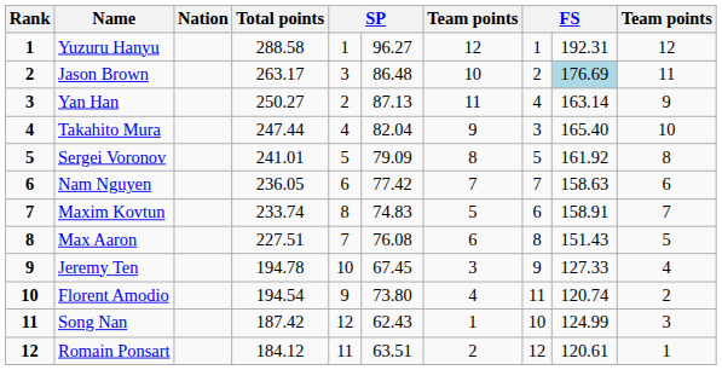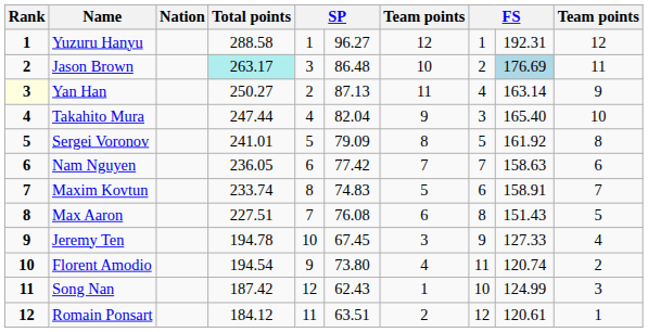 <table class="wikitable sortable">
 <tr>
 <th>Rank</th>
 <th>Name</th>
 <th>Nation</th>
 <th>Total points</th>
 <th colspan="2" width="80px"><a href='#'>SP</a></th>
 <th>Team points</th>
 <th colspan="2" width="80px"><a href='#'>FS</a></th>
 <th>Team points</th>
 </tr>
 <tr>
 <td style="text-align: center;"><strong>1</strong></td>
 <td><a href='#'>Yuzuru Hanyu</a></td>
 <td></td>
 <td style="text-align: center;">288.58</td>
 <td style="text-align: center;">1</td>
 <td style="text-align: center;">96.27</td>
 <td style="text-align: center;">12</td>
 <td style="text-align: center;">1</td>
 <td style="text-align: center;">192.31</td>
 <td style="text-align: center;">12</td>
 </tr>
 <tr>
 <td style="text-align: center;"><strong>2</strong></td>
 <td><a href='#'>Jason Brown</a></td>
 <td></td>
-<td style="text-align: center;">263.17</td>
+<td style="background: paleturquoise; text-align: center;">263.17</td>
 <td style="text-align: center;">3</td>
 <td style="text-align: center;">86.48</td>
 <td style="text-align: center;">10</td>
 <td style="text-align: center;">2</td>
 <td style="background: lightblue; text-align: center;">176.69</td>
 <td style="text-align: center;">11</td>
 </tr>
 <tr>
-<td style="text-align: center;"><strong>3</strong></td>
+<td style="background: lightyellow; text-align: center;"><strong>3</strong></td>
 <td><a href='#'>Yan Han</a></td>
 <td></td>
 <td style="text-align: center;">250.27</td>
 <td style="text-align: center;">2</td>
 <td style="text-align: center;">87.13</td>
 <td style="text-align: center;">11</td>
 <td style="text-align: center;">4</td>
 <td style="text-align: center;">163.14</td>
 <td style="text-align: center;">9</td>
 </tr>
 <tr>
 <td style="text-align: center;"><strong>4</strong></td>
 <td><a href='#'>Takahito Mura</a></td>
 <td></td>
 <td style="text-align: center;">247.44</td>
 <td style="text-align: center;">4</td>
 <td style="text-align: center;">82.04</td>
 <td style="text-align: center;">9</td>
 <td style="text-align: center;">3</td>
 <td style="text-align: center;">165.40</td>
 <td style="text-align: center;">10</td>
 </tr>
 <tr>
 <td style="text-align: center;"><strong>5</strong></td>
 <td><a href='#'>Sergei Voronov</a></td>
 <td></td>
 <td style="text-align: center;">241.01</td>
 <td style="text-align: center;">5</td>
 <td style="text-align: center;">79.09</td>
 <td style="text-align: center;">8</td>
 <td style="text-align: center;">5</td>
 <td style="text-align: center;">161.92</td>
 <td style="text-align: center;">8</td>
 </tr>
 <tr>
 <td style="text-align: center;"><strong>6</strong></td>
 <td><a href='#'>Nam Nguyen</a></td>
 <td></td>
 <td style="text-align: center;">236.05</td>
 <td style="text-align: center;">6</td>
 <td style="text-align: center;">77.42</td>
 <td style="text-align: center;">7</td>
 <td style="text-align: center;">7</td>
 <td style="text-align: center;">158.63</td>
 <td style="text-align: center;">6</td>
 </tr>
 <tr>
 <td style="text-align: center;"><strong>7</strong></td>
 <td><a href='#'>Maxim Kovtun</a></td>
 <td></td>
 <td style="text-align: center;">233.74</td>
 <td style="text-align: center;">8</td>
 <td style="text-align: center;">74.83</td>
 <td style="text-align: center;">5</td>
 <td style="text-align: center;">6</td>
 <td style="text-align: center;">158.91</td>
 <td style="text-align: center;">7</td>
 </tr>
 <tr>
 <td style="text-align: center;"><strong>8</strong></td>
 <td><a href='#'>Max Aaron</a></td>
 <td></td>
 <td style="text-align: center;">227.51</td>
 <td style="text-align: center;">7</td>
 <td style="text-align: center;">76.08</td>
 <td style="text-align: center;">6</td>
 <td style="text-align: center;">8</td>
 <td style="text-align: center;">151.43</td>
 <td style="text-align: center;">5</td>
 </tr>
 <tr>
 <td style="text-align: center;"><strong>9</strong></td>
 <td><a href='#'>Jeremy Ten</a></td>
 <td></td>
 <td style="text-align: center;">194.78</td>
 <td style="text-align: center;">10</td>
 <td style="text-align: center;">67.45</td>
 <td style="text-align: center;">3</td>
 <td style="text-align: center;">9</td>
 <td style="text-align: center;">127.33</td>
 <td style="text-align: center;">4</td>
 </tr>
 <tr>
 <td style="text-align: center;"><strong>10</strong></td>
 <td><a href='#'>Florent Amodio</a></td>
 <td></td>
 <td style="text-align: center;">194.54</td>
 <td style="text-align: center;">9</td>
 <td style="text-align: center;">73.80</td>
 <td style="text-align: center;">4</td>
 <td style="text-align: center;">11</td>
 <td style="text-align: center;">120.74</td>
 <td style="text-align: center;">2</td>
 </tr>
 <tr>
 <td style="text-align: center;"><strong>11</strong></td>
 <td><a href='#'>Song Nan</a></td>
 <td></td>
 <td style="text-align: center;">187.42</td>
 <td style="text-align: center;">12</td>
 <td style="text-align: center;">62.43</td>
 <td style="text-align: center;">1</td>
 <td style="text-align: center;">10</td>
 <td style="text-align: center;">124.99</td>
 <td style="text-align: center;">3</td>
 </tr>
 <tr>
 <td style="text-align: center;"><strong>12</strong></td>
 <td><a href='#'>Romain Ponsart</a></td>
 <td></td>
 <td style="text-align: center;">184.12</td>
 <td style="text-align: center;">11</td>
 <td style="text-align: center;">63.51</td>
 <td style="text-align: center;">2</td>
 <td style="text-align: center;">12</td>
 <td style="text-align: center;">120.61</td>
 <td style="text-align: center;">1</td>
 </tr>
 </table>
